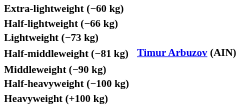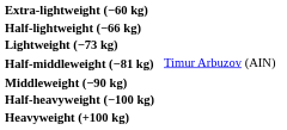 <table>
 <tr>
 <th rowspan=2 style="text-align:left;">Extra-lightweight (−60 kg)</th>
 <td rowspan=2></td>
 <td rowspan=2></td>
 <td></td>
 </tr>
 <tr>
 <td></td>
 </tr>
 <tr>
 <th rowspan=2 style="text-align:left;">Half-lightweight (−66 kg)</th>
 <td rowspan=2></td>
 <td rowspan=2></td>
 <td></td>
 </tr>
 <tr>
 <td></td>
 </tr>
 <tr>
 <th rowspan=2 style="text-align:left;">Lightweight (−73 kg)</th>
 <td rowspan=2></td>
 <td rowspan=2></td>
 <td></td>
 </tr>
 <tr>
 <td></td>
 </tr>
 <tr>
 <th rowspan=2 style="text-align:left;">Half-middleweight (−81 kg)</th>
 <td rowspan=2></td>
 <td rowspan=2></td>
-<td><strong> <a href='#'>Timur Arbuzov</a> <span>(<abbr>AIN</abbr>)</span></strong></td>
+<td> <a href='#'>Timur Arbuzov</a> <span>(<abbr>AIN</abbr>)</span></td>
 </tr>
 <tr>
 <td></td>
 </tr>
 <tr>
 <th rowspan=2 style="text-align:left;">Middleweight (−90 kg)</th>
 <td rowspan=2></td>
 <td rowspan=2></td>
 <td></td>
 </tr>
 <tr>
 <td></td>
 </tr>
 <tr>
 <th rowspan=2 style="text-align:left;">Half-heavyweight (−100 kg)</th>
 <td rowspan=2></td>
 <td rowspan=2></td>
 <td></td>
 </tr>
 <tr>
 <td></td>
 </tr>
 <tr>
 <th rowspan=2 style="text-align:left;">Heavyweight (+100 kg)</th>
 <td rowspan=2></td>
 <td rowspan=2></td>
 <td></td>
 </tr>
 <tr>
 <td></td>
 </tr>
 </table>
